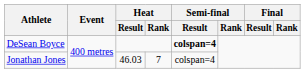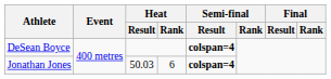 <table class=wikitable style=font-size:90%>
 <tr>
 <th rowspan=2>Athlete</th>
 <th rowspan=2>Event</th>
 <th colspan=2>Heat</th>
 <th colspan=2>Semi-final</th>
 <th colspan=2>Final</th>
 </tr>
 <tr style=font-size:95%>
 <th>Result</th>
 <th>Rank</th>
 <th>Result</th>
 <th>Rank</th>
 <th>Result</th>
 <th>Rank</th>
 </tr>
 <tr align=center>
 <td align=left><a href='#'>DeSean Boyce</a></td>
 <td align=left rowspan=2><a href='#'>400 metres</a></td>
 <td colspan=2></td>
 <td><strong>colspan=4 </strong></td>
 </tr>
 <tr align=center>
 <td align=left><a href='#'>Jonathan Jones</a></td>
-<td>46.03</td>
-<td>7</td>
-<td>colspan=4 </td>
+<td>50.03</td>
+<td>6</td>
+<td><strong>colspan=4 </strong></td>
 </tr>
 </table>
